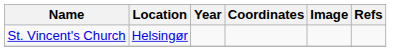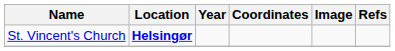 <table class="wikitable sortable">
 <tr>
 <th>Name</th>
 <th>Location</th>
 <th>Year</th>
 <th>Coordinates</th>
 <th>Image</th>
 <th>Refs</th>
 </tr>
 <tr>
 <td><a href='#'>St. Vincent's Church</a></td>
-<td><a href='#'>Helsingør</a></td>
+<td><strong><a href='#'>Helsingør</a></strong></td>
 <td></td>
 <td></td>
 <td></td>
 <td></td>
 </tr>
 <tr>
 </tr>
 </table>
